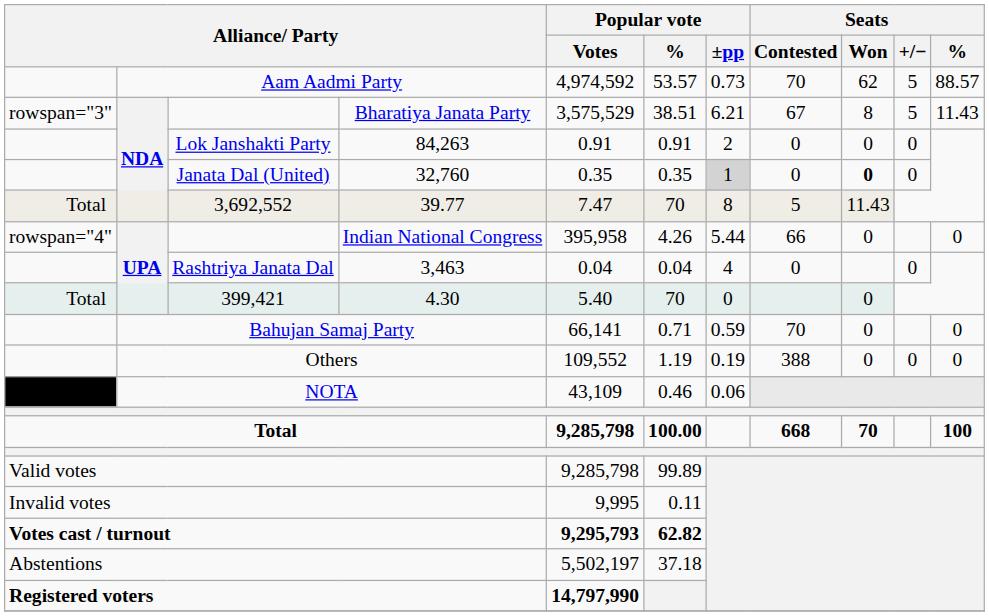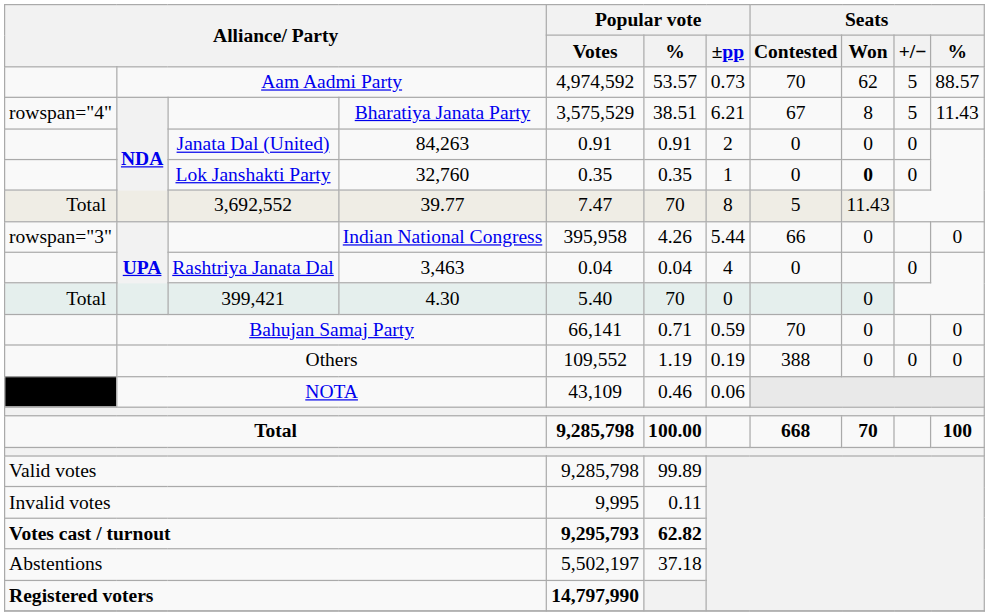 <table class="wikitable sortable">
 <tr>
 <th colspan="4" rowspan="2">Alliance/ Party</th>
 <th colspan="3">Popular vote</th>
 <th colspan="4">Seats</th>
 </tr>
 <tr>
 <th>Votes</th>
 <th>%</th>
 <th>±<a href='#'>pp</a></th>
 <th>Contested</th>
 <th>Won</th>
 <th><strong>+/−</strong></th>
 <th>%</th>
 </tr>
 <tr>
 <td></td>
 <td colspan="3" style="text-align:center;"><a href='#'>Aam Aadmi Party</a></td>
 <td style="text-align:center;">4,974,592</td>
 <td style="text-align:center;">53.57</td>
 <td style="text-align:center;"> 0.73</td>
 <td style="text-align:center;">70</td>
 <td style="text-align:center;">62</td>
 <td style="text-align:center;"> 5</td>
 <td>88.57</td>
 </tr>
 <tr>
-<td>rowspan="3" </td>
+<td>rowspan="4" </td>
 <th rowspan="4"><a href='#'>NDA</a></th>
 <td></td>
 <td style="text-align:center;"><a href='#'>Bharatiya Janata Party</a></td>
 <td style="text-align:center;">3,575,529</td>
 <td style="text-align:center;">38.51</td>
 <td style="text-align:center;"> 6.21</td>
 <td style="text-align:center;">67</td>
 <td style="text-align:center;">8</td>
 <td style="text-align:center;"> 5</td>
 <td style="text-align:center;">11.43</td>
 </tr>
 <tr>
 <td></td>
-<td style="text-align:center;"><a href='#'>Lok Janshakti Party</a></td>
+<td style="text-align:center;"><a href='#'>Janata Dal (United)</a></td>
 <td style="text-align:center;">84,263</td>
 <td style="text-align:center;">0.91</td>
 <td style="text-align:center;"> 0.91</td>
 <td style="text-align:center;">2</td>
 <td style="text-align:center;">0</td>
 <td style="text-align:center;">0</td>
 <td style="text-align:center;">0</td>
 </tr>
 <tr>
 <td></td>
-<td style="text-align:center;"><a href='#'>Janata Dal (United)</a></td>
+<td style="text-align:center;"><a href='#'>Lok Janshakti Party</a></td>
 <td style="text-align:center;">32,760</td>
 <td style="text-align:center;">0.35</td>
 <td style="text-align:center;"> 0.35</td>
-<td style="background: lightgrey; text-align:center;">1</td>
+<td style="text-align:center;">1</td>
 <td style="text-align:center;">0</td>
 <td style="text-align:center;"><strong>0</strong></td>
 <td style="text-align:center;">0</td>
 </tr>
 <tr>
 <td colspan="2" style="background:#efede5; text-align:center;">Total</td>
 <td style="background:#efede5; text-align:center;">3,692,552</td>
 <td style="background:#efede5; text-align:center;">39.77</td>
 <td style="background:#efede5; text-align:center;">7.47</td>
 <td style="background:#efede5; text-align:center;">70</td>
 <td style="background:#efede5; text-align:center;">8</td>
 <td style="background:#efede5; text-align:center;"> 5</td>
 <td style="background:#efede5; text-align:center;">11.43</td>
 </tr>
 <tr>
-<td>rowspan="4" </td>
+<td>rowspan="3" </td>
 <th rowspan="3"><a href='#'>UPA</a></th>
 <td></td>
 <td style="text-align:center;"><a href='#'>Indian National Congress</a></td>
 <td style="text-align:center;">395,958</td>
 <td style="text-align:center;">4.26</td>
 <td style="text-align:center;"> 5.44</td>
 <td style="text-align:center;">66</td>
 <td style="text-align:center;">0</td>
 <td style="text-align:center;"></td>
 <td style="text-align:center;">0</td>
 </tr>
 <tr>
 <td></td>
 <td style="text-align:center;"><a href='#'>Rashtriya Janata Dal</a></td>
 <td style="text-align:center;">3,463</td>
 <td style="text-align:center;">0.04</td>
 <td style="text-align:center;"> 0.04</td>
 <td style="text-align:center;">4</td>
 <td style="text-align:center;">0</td>
 <td style="text-align:center;"></td>
 <td style="text-align:center;">0</td>
 </tr>
 <tr>
 <td colspan="2" style="background:#e5efed; text-align:center;">Total</td>
 <td style="background:#e5efed; text-align:center;">399,421</td>
 <td style="background:#e5efed; text-align:center;">4.30</td>
 <td style="background:#e5efed; text-align:center;">5.40</td>
 <td style="background:#e5efed; text-align:center;">70</td>
 <td style="background:#e5efed; text-align:center;">0</td>
 <td style="background:#e5efed; text-align:center;"></td>
 <td style="background:#e5efed; text-align:center;">0</td>
 </tr>
 <tr>
 <td></td>
 <td colspan="3" style="text-align:center;"><a href='#'>Bahujan Samaj Party</a></td>
 <td style="text-align:center;">66,141</td>
 <td style="text-align:center;">0.71</td>
 <td style="text-align:center;"> 0.59</td>
 <td style="text-align:center;">70</td>
 <td style="text-align:center;">0</td>
 <td style="text-align:center;"></td>
 <td style="text-align:center;">0</td>
 </tr>
 <tr>
 <td></td>
 <td colspan="3" style="text-align:center;">Others</td>
 <td style="text-align:center;">109,552</td>
 <td style="text-align:center;">1.19</td>
 <td style="text-align:center;">0.19</td>
 <td style="text-align:center;">388</td>
 <td style="text-align:center;">0</td>
 <td style="text-align:center;">0</td>
 <td style="text-align:center;">0</td>
 </tr>
 <tr>
 <td bgcolor="Black"></td>
 <td colspan="3" style="text-align:center;"><a href='#'>NOTA</a></td>
 <td style="text-align:center;">43,109</td>
 <td style="text-align:center;">0.46</td>
 <td style="text-align:center;">0.06</td>
 <th colspan="4" style="background-color:#E9E9E9"></th>
 </tr>
 <tr>
 <th colspan="11"></th>
 </tr>
 <tr>
 <td colspan="4" style="text-align:center;"><strong>Total</strong></td>
 <td style="text-align:center;"><strong>9,285,798</strong></td>
 <td style="text-align:center;"><strong>100.00</strong></td>
 <td style="text-align:center;"><strong></strong></td>
 <td style="text-align:center;"><strong>668</strong></td>
 <td style="text-align:center;"><strong>70</strong></td>
 <td style="text-align:center;"><strong></strong></td>
 <td style="text-align:center;"><strong>100</strong></td>
 </tr>
 <tr>
 <th colspan="11"></th>
 </tr>
 <tr>
 <td colspan="4">Valid votes</td>
 <td style="text-align:right;">9,285,798</td>
 <td style="text-align:right;">99.89</td>
 <th colspan="5" rowspan="5"></th>
 </tr>
 <tr>
 <td colspan="4">Invalid votes</td>
 <td style="text-align:right;">9,995</td>
 <td style="text-align:right;">0.11</td>
 </tr>
 <tr>
 <td colspan="4"><strong>Votes cast / turnout</strong></td>
 <td style="text-align:right;"><strong>9,295,793</strong></td>
 <td style="text-align:right;"><strong>62.82</strong></td>
 </tr>
 <tr>
 <td colspan="4">Abstentions</td>
 <td style="text-align:right;">5,502,197</td>
 <td style="text-align:right;">37.18</td>
 </tr>
 <tr>
 <td colspan="4"><strong>Registered voters</strong></td>
 <td style="text-align:right;"><strong>14,797,990</strong></td>
 <th colspan="1"></th>
 </tr>
 <tr>
 </tr>
 </table>
